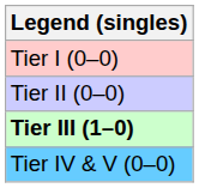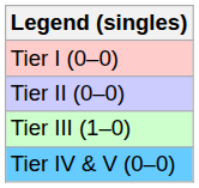 <table class="wikitable sortable">
 <tr>
 <th>Legend (singles)</th>
 </tr>
 <tr>
 <td bgcolor="#ffcccc">Tier I (0–0)</td>
 </tr>
 <tr>
 <td bgcolor="#ccccff">Tier II (0–0)</td>
 </tr>
 <tr>
-<td bgcolor="#CCFFCC"><strong>Tier III (1–0)</strong></td>
+<td bgcolor="#CCFFCC">Tier III (1–0)</td>
 </tr>
 <tr>
 <td bgcolor="#66CCFF">Tier IV & V (0–0)</td>
 </tr>
 </table>
